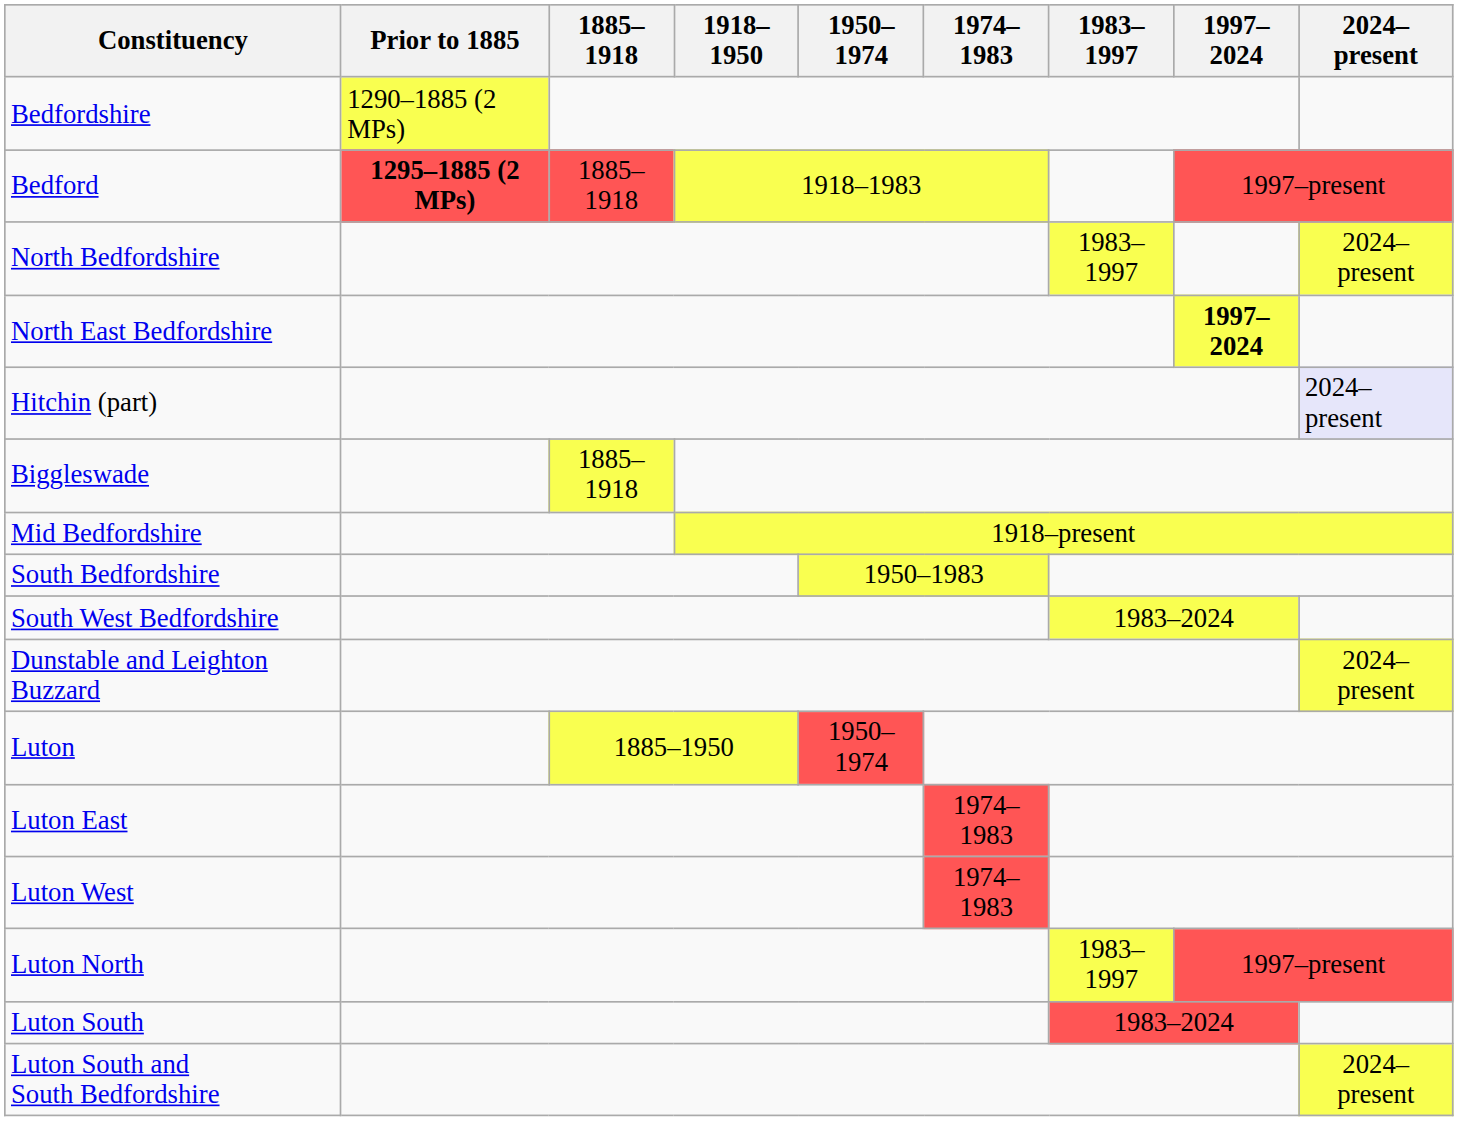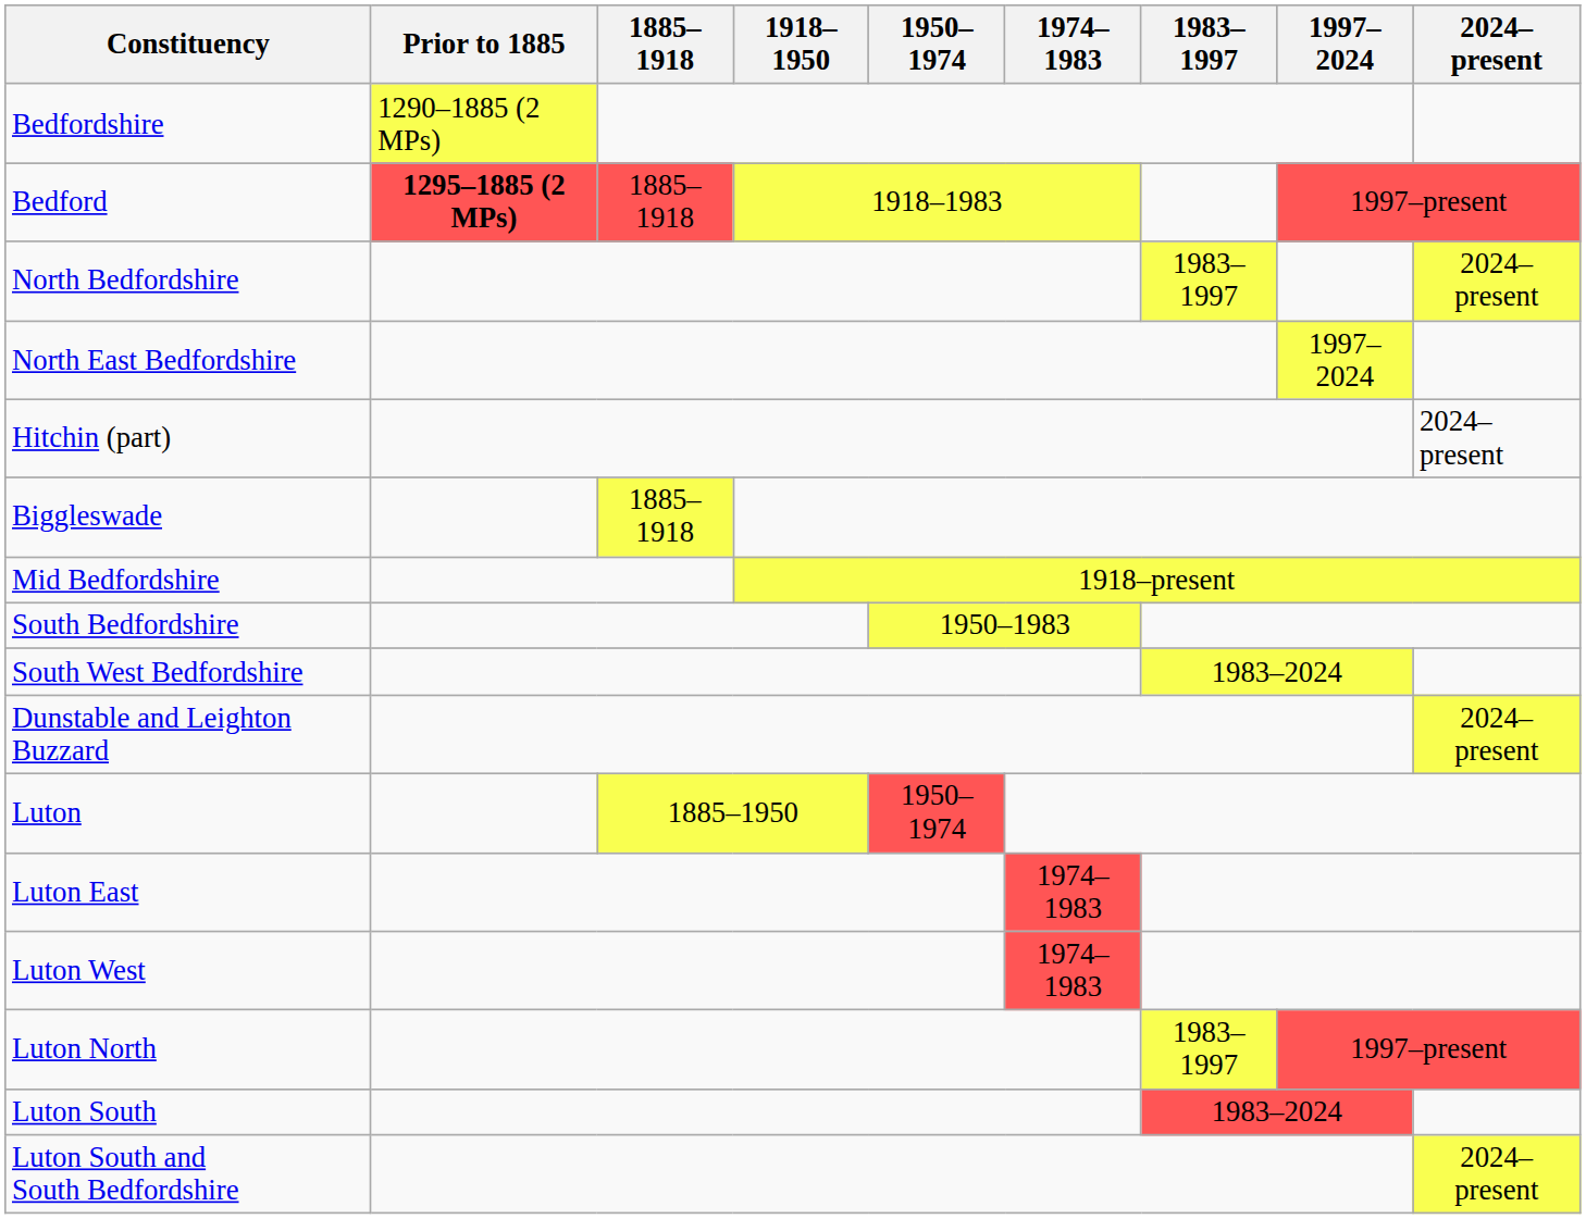 <table class="wikitable">
 <tr>
 <th>Constituency</th>
 <th>Prior to 1885</th>
 <th>1885–1918</th>
 <th>1918–1950</th>
 <th>1950–1974</th>
 <th>1974–1983</th>
 <th>1983–1997</th>
 <th>1997–2024</th>
 <th>2024–present</th>
 </tr>
 <tr>
 <td><a href='#'>Bedfordshire</a></td>
 <td bgcolor="#f9ff50">1290–1885 (2 MPs)</td>
 <td colspan="6"></td>
 <td></td>
 </tr>
 <tr>
 <td><a href='#'>Bedford</a></td>
 <td align="center" bgcolor="#ff5555"><strong>1295–1885 (2 MPs)</strong></td>
 <td align="center" bgcolor="#ff5555">1885–1918</td>
 <td align="center" bgcolor="#f9ff50" colspan="3">1918–1983</td>
 <td></td>
 <td align="center" bgcolor="#ff5555" colspan="2">1997–present</td>
 </tr>
 <tr>
 <td><a href='#'>North Bedfordshire</a></td>
 <td colspan="5"></td>
 <td align="center" bgcolor="#f9ff50">1983–1997</td>
 <td></td>
 <td align="center" bgcolor="#f9ff50">2024–present</td>
 </tr>
 <tr>
 <td><a href='#'>North East Bedfordshire</a></td>
 <td colspan="6"></td>
-<td align="center" bgcolor="#f9ff50"><strong>1997–2024</strong></td>
+<td align="center" bgcolor="#f9ff50">1997–2024</td>
 <td></td>
 </tr>
 <tr>
 <td><a href='#'>Hitchin</a> (part)</td>
 <td colspan="7"></td>
-<td style="background: lavender;">2024–present</td>
+<td>2024–present</td>
 </tr>
 <tr>
 <td><a href='#'>Biggleswade</a></td>
 <td></td>
 <td align="center" bgcolor="#f9ff50">1885–1918</td>
 <td colspan="6"></td>
 </tr>
 <tr>
 <td><a href='#'>Mid Bedfordshire</a></td>
 <td colspan="2"></td>
 <td colspan="6" align="center" bgcolor="#f9ff50">1918–present</td>
 </tr>
 <tr>
 <td><a href='#'>South Bedfordshire</a></td>
 <td colspan="3"></td>
 <td align="center" bgcolor="#f9ff50" colspan="2">1950–1983</td>
 <td colspan="3"></td>
 </tr>
 <tr>
 <td><a href='#'>South West Bedfordshire</a></td>
 <td colspan="5"></td>
 <td align="center" bgcolor="#f9ff50" colspan="2">1983–2024</td>
 <td></td>
 </tr>
 <tr>
 <td><a href='#'>Dunstable and Leighton Buzzard</a></td>
 <td colspan="7"></td>
 <td align="center" bgcolor="#f9ff50">2024–present</td>
 </tr>
 <tr>
 <td><a href='#'>Luton</a></td>
 <td></td>
 <td colspan="2" align="center" bgcolor="#f9ff50">1885–1950</td>
 <td align="center" bgcolor="#ff5555">1950–1974</td>
 <td colspan="4"></td>
 </tr>
 <tr>
 <td><a href='#'>Luton East</a></td>
 <td colspan="4"></td>
 <td align="center" bgcolor="#ff5555">1974–1983</td>
 <td colspan="3"></td>
 </tr>
 <tr>
 <td><a href='#'>Luton West</a></td>
 <td colspan="4"></td>
 <td align="center" bgcolor="#ff5555">1974–1983</td>
 <td colspan="3"></td>
 </tr>
 <tr>
 <td><a href='#'>Luton North</a></td>
 <td colspan="5"></td>
 <td align="center" bgcolor="#f9ff50">1983–1997</td>
 <td colspan="2" align="center" bgcolor="#ff5555">1997–present</td>
 </tr>
 <tr>
 <td><a href='#'>Luton South</a></td>
 <td colspan="5"></td>
 <td colspan="2" align="center" bgcolor="#ff5555">1983–2024</td>
 <td></td>
 </tr>
 <tr>
 <td><a href='#'>Luton South and</a><br><a href='#'>South Bedfordshire</a></td>
 <td colspan="7"></td>
 <td align="center" bgcolor="#f9ff50">2024–present</td>
 </tr>
 </table>
